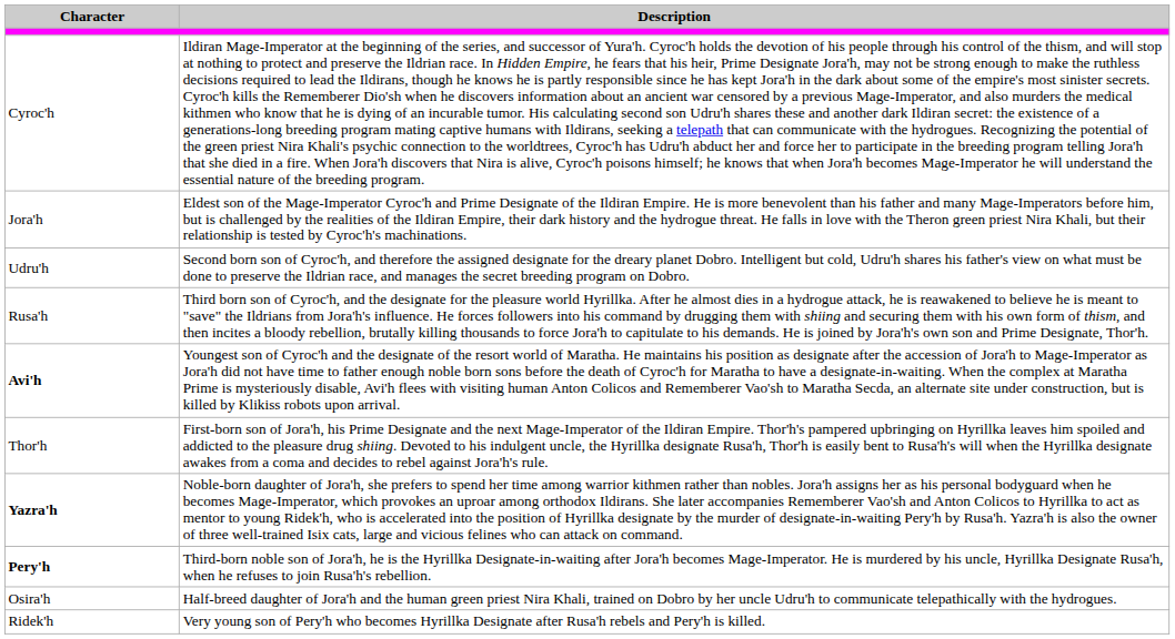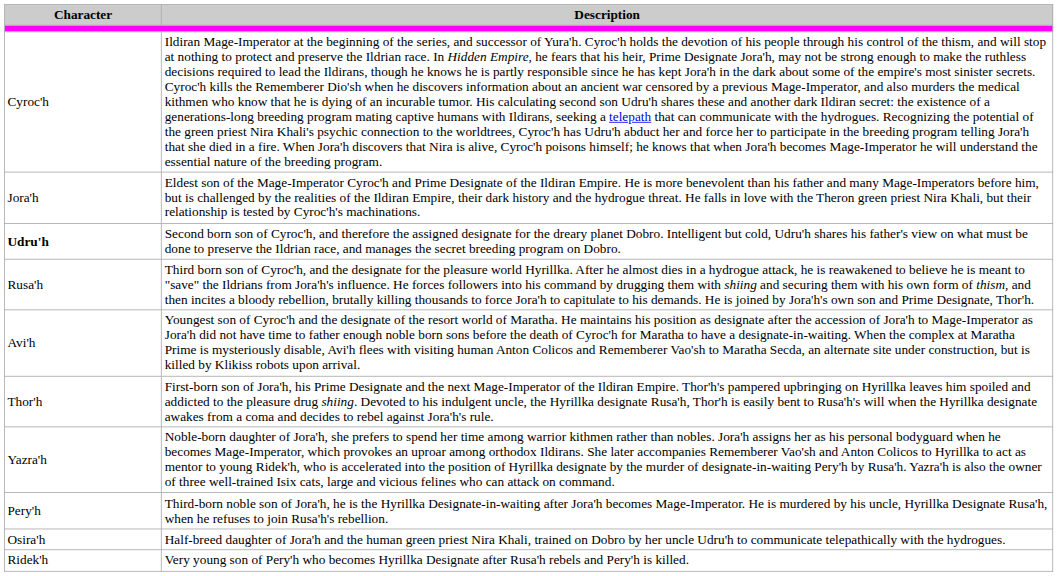 <table class="wikitable" style="width:100%; margin-right:auto; background:#fff;">
 <tr style="color:black">
 <th style="background:#ccc; width:15%;">Character</th>
 <th style="background:#ccc; width:85%;">Description</th>
 </tr>
 <tr>
 <td colspan="3" style="background:#FF00FF;"></td>
 </tr>
 <tr>
 <td>Cyroc'h</td>
 <td>Ildiran Mage-Imperator at the beginning of the series, and successor of Yura'h. Cyroc'h holds the devotion of his people through his control of the thism, and will stop at nothing to protect and preserve the Ildrian race. In <em>Hidden Empire</em>, he fears that his heir, Prime Designate Jora'h, may not be strong enough to make the ruthless decisions required to lead the Ildirans, though he knows he is partly responsible since he has kept Jora'h in the dark about some of the empire's most sinister secrets. Cyroc'h kills the Rememberer Dio'sh when he discovers information about an ancient war censored by a previous Mage-Imperator, and also murders the medical kithmen who know that he is dying of an incurable tumor. His calculating second son Udru'h shares these and another dark Ildiran secret: the existence of a generations-long breeding program mating captive humans with Ildirans, seeking a <a href='#'>telepath</a> that can communicate with the hydrogues. Recognizing the potential of the green priest Nira Khali's psychic connection to the worldtrees, Cyroc'h has Udru'h abduct her and force her to participate in the breeding program telling Jora'h that she died in a fire. When Jora'h discovers that Nira is alive, Cyroc'h poisons himself; he knows that when Jora'h becomes Mage-Imperator he will understand the essential nature of the breeding program.</td>
 </tr>
 <tr>
 <td>Jora'h</td>
 <td>Eldest son of the Mage-Imperator Cyroc'h and Prime Designate of the Ildiran Empire. He is more benevolent than his father and many Mage-Imperators before him, but is challenged by the realities of the Ildiran Empire, their dark history and the hydrogue threat. He falls in love with the Theron green priest Nira Khali, but their relationship is tested by Cyroc'h's machinations.</td>
 </tr>
 <tr>
-<td>Udru'h</td>
+<td><strong>Udru'h</strong></td>
 <td>Second born son of Cyroc'h, and therefore the assigned designate for the dreary planet Dobro. Intelligent but cold, Udru'h shares his father's view on what must be done to preserve the Ildrian race, and manages the secret breeding program on Dobro.</td>
 </tr>
 <tr>
 <td>Rusa'h</td>
 <td>Third born son of Cyroc'h, and the designate for the pleasure world Hyrillka. After he almost dies in a hydrogue attack, he is reawakened to believe he is meant to "save" the Ildrians from Jora'h's influence. He forces followers into his command by drugging them with <em>shiing</em> and securing them with his own form of <em>thism</em>, and then incites a bloody rebellion, brutally killing thousands to force Jora'h to capitulate to his demands. He is joined by Jora'h's own son and Prime Designate, Thor'h.</td>
 </tr>
 <tr>
-<td><strong>Avi'h</strong></td>
+<td>Avi'h</td>
 <td>Youngest son of Cyroc'h and the designate of the resort world of Maratha. He maintains his position as designate after the accession of Jora'h to Mage-Imperator as Jora'h did not have time to father enough noble born sons before the death of Cyroc'h for Maratha to have a designate-in-waiting. When the complex at Maratha Prime is mysteriously disable, Avi'h flees with visiting human Anton Colicos and Rememberer Vao'sh to Maratha Secda, an alternate site under construction, but is killed by Klikiss robots upon arrival.</td>
 </tr>
 <tr>
 <td>Thor'h</td>
 <td>First-born son of Jora'h, his Prime Designate and the next Mage-Imperator of the Ildiran Empire. Thor'h's pampered upbringing on Hyrillka leaves him spoiled and addicted to the pleasure drug <em>shiing</em>. Devoted to his indulgent uncle, the Hyrillka designate Rusa'h, Thor'h is easily bent to Rusa'h's will when the Hyrillka designate awakes from a coma and decides to rebel against Jora'h's rule.</td>
 </tr>
 <tr>
-<td><strong>Yazra'h</strong></td>
+<td>Yazra'h</td>
 <td>Noble-born daughter of Jora'h, she prefers to spend her time among warrior kithmen rather than nobles. Jora'h assigns her as his personal bodyguard when he becomes Mage-Imperator, which provokes an uproar among orthodox Ildirans. She later accompanies Rememberer Vao'sh and Anton Colicos to Hyrillka to act as mentor to young Ridek'h, who is accelerated into the position of Hyrillka designate by the murder of designate-in-waiting Pery'h by Rusa'h. Yazra'h is also the owner of three well-trained Isix cats, large and vicious felines who can attack on command.</td>
 </tr>
 <tr>
-<td><strong>Pery'h</strong></td>
+<td>Pery'h</td>
 <td>Third-born noble son of Jora'h, he is the Hyrillka Designate-in-waiting after Jora'h becomes Mage-Imperator. He is murdered by his uncle, Hyrillka Designate Rusa'h, when he refuses to join Rusa'h's rebellion.</td>
 </tr>
 <tr>
 <td>Osira'h</td>
 <td>Half-breed daughter of Jora'h and the human green priest Nira Khali, trained on Dobro by her uncle Udru'h to communicate telepathically with the hydrogues.</td>
 </tr>
 <tr>
 <td>Ridek'h</td>
 <td>Very young son of Pery'h who becomes Hyrillka Designate after Rusa'h rebels and Pery'h is killed.</td>
 </tr>
 </table>
